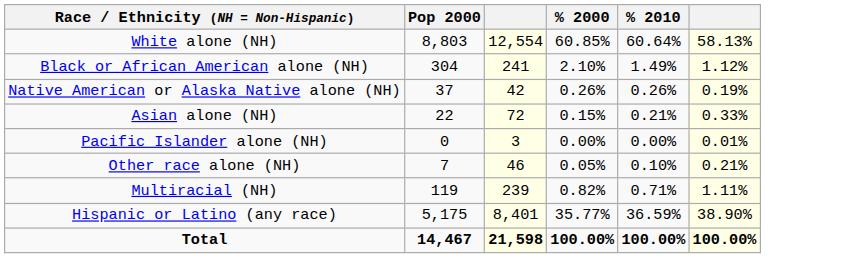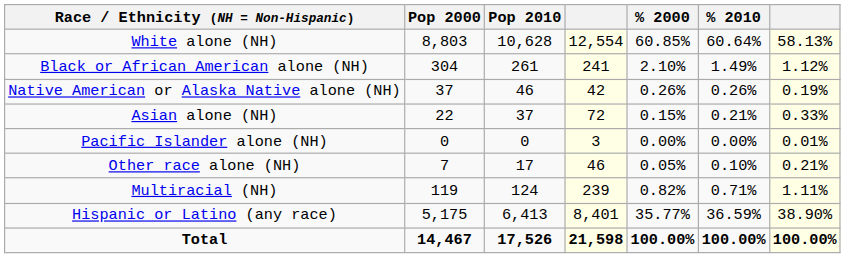 <table class="wikitable" style="text-align:center;">
 <tr>
 <th>Race / Ethnicity <small>(<em>NH = Non-Hispanic</em>)</small></th>
 <th>Pop 2000</th>
+<th>Pop 2010</th>
 <th></th>
 <th>% 2000</th>
 <th>% 2010</th>
 <th></th>
 </tr>
 <tr>
 <td><a href='#'>White</a> alone (NH)</td>
 <td>8,803</td>
+<td>10,628</td>
 <td style='background: #ffffe6;'>12,554</td>
 <td>60.85%</td>
 <td>60.64%</td>
 <td style='background: #ffffe6;'>58.13%</td>
 </tr>
 <tr>
 <td><a href='#'>Black or African American</a> alone (NH)</td>
 <td>304</td>
+<td>261</td>
 <td style='background: #ffffe6;'>241</td>
 <td>2.10%</td>
 <td>1.49%</td>
 <td style='background: #ffffe6;'>1.12%</td>
 </tr>
 <tr>
 <td><a href='#'>Native American</a> or <a href='#'>Alaska Native</a> alone (NH)</td>
 <td>37</td>
+<td>46</td>
 <td style='background: #ffffe6;'>42</td>
 <td>0.26%</td>
 <td>0.26%</td>
 <td style='background: #ffffe6;'>0.19%</td>
 </tr>
 <tr>
 <td><a href='#'>Asian</a> alone (NH)</td>
 <td>22</td>
+<td>37</td>
 <td style='background: #ffffe6;'>72</td>
 <td>0.15%</td>
 <td>0.21%</td>
 <td style='background: #ffffe6;'>0.33%</td>
 </tr>
 <tr>
 <td><a href='#'>Pacific Islander</a> alone (NH)</td>
+<td>0</td>
 <td>0</td>
 <td style='background: #ffffe6;'>3</td>
 <td>0.00%</td>
 <td>0.00%</td>
 <td style='background: #ffffe6;'>0.01%</td>
 </tr>
 <tr>
 <td><a href='#'>Other race</a> alone (NH)</td>
 <td>7</td>
+<td>17</td>
 <td style='background: #ffffe6;'>46</td>
 <td>0.05%</td>
 <td>0.10%</td>
 <td style='background: #ffffe6;'>0.21%</td>
 </tr>
 <tr>
 <td><a href='#'>Multiracial</a> (NH)</td>
 <td>119</td>
+<td>124</td>
 <td style='background: #ffffe6;'>239</td>
 <td>0.82%</td>
 <td>0.71%</td>
 <td style='background: #ffffe6;'>1.11%</td>
 </tr>
 <tr>
 <td><a href='#'>Hispanic or Latino</a> (any race)</td>
 <td>5,175</td>
+<td>6,413</td>
 <td style='background: #ffffe6;'>8,401</td>
 <td>35.77%</td>
 <td>36.59%</td>
 <td style='background: #ffffe6;'>38.90%</td>
 </tr>
 <tr>
 <td><strong>Total</strong></td>
 <td><strong>14,467</strong></td>
+<td><strong>17,526</strong></td>
 <td style='background: #ffffe6;'><strong>21,598</strong></td>
 <td><strong>100.00%</strong></td>
 <td><strong>100.00%</strong></td>
 <td style='background: #ffffe6;'><strong>100.00%</strong></td>
 </tr>
 </table>
